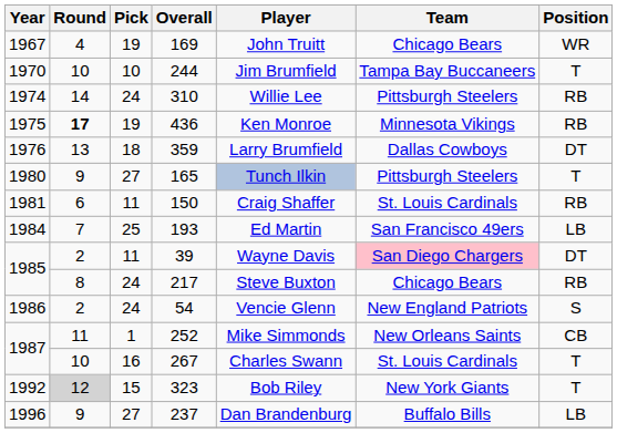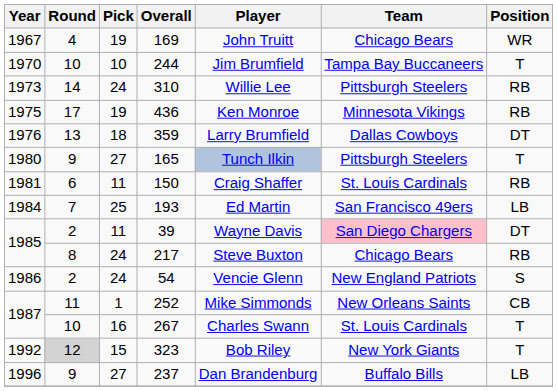 <table class="wikitable sortable" style="text-align: center;">
 <tr>
 <th>Year</th>
 <th>Round</th>
 <th>Pick</th>
 <th>Overall</th>
 <th>Player</th>
 <th>Team</th>
 <th>Position</th>
 </tr>
 <tr>
 <td>1967</td>
 <td>4</td>
 <td>19</td>
 <td>169</td>
 <td><a href='#'>John Truitt</a></td>
 <td><a href='#'>Chicago Bears</a></td>
 <td>WR</td>
 </tr>
 <tr>
 <td>1970</td>
 <td>10</td>
 <td>10</td>
 <td>244</td>
 <td><a href='#'>Jim Brumfield</a></td>
 <td><a href='#'>Tampa Bay Buccaneers</a></td>
 <td>T</td>
 </tr>
 <tr>
-<td>1974</td>
+<td>1973</td>
 <td>14</td>
 <td>24</td>
 <td>310</td>
 <td><a href='#'>Willie Lee</a></td>
 <td><a href='#'>Pittsburgh Steelers</a></td>
 <td>RB</td>
 </tr>
 <tr>
 <td>1975</td>
-<td><strong>17</strong></td>
+<td>17</td>
 <td>19</td>
 <td>436</td>
 <td><a href='#'>Ken Monroe</a></td>
 <td><a href='#'>Minnesota Vikings</a></td>
 <td>RB</td>
 </tr>
 <tr>
 <td>1976</td>
 <td>13</td>
 <td>18</td>
 <td>359</td>
 <td><a href='#'>Larry Brumfield</a></td>
 <td><a href='#'>Dallas Cowboys</a></td>
 <td>DT</td>
 </tr>
 <tr>
 <td>1980</td>
 <td>9</td>
 <td>27</td>
 <td>165</td>
 <td style="background-color:lightsteelblue"><a href='#'>Tunch Ilkin</a></td>
 <td><a href='#'>Pittsburgh Steelers</a></td>
 <td>T</td>
 </tr>
 <tr>
 <td>1981</td>
 <td>6</td>
 <td>11</td>
 <td>150</td>
 <td><a href='#'>Craig Shaffer</a></td>
 <td><a href='#'>St. Louis Cardinals</a></td>
 <td>RB</td>
 </tr>
 <tr>
 <td>1984</td>
 <td>7</td>
 <td>25</td>
 <td>193</td>
 <td><a href='#'>Ed Martin</a></td>
 <td><a href='#'>San Francisco 49ers</a></td>
 <td>LB</td>
 </tr>
 <tr>
 <td rowspan="2">1985</td>
 <td>2</td>
 <td>11</td>
 <td>39</td>
 <td><a href='#'>Wayne Davis</a></td>
 <td style="background: pink;"><a href='#'>San Diego Chargers</a></td>
 <td>DT</td>
 </tr>
 <tr>
 <td>8</td>
 <td>24</td>
 <td>217</td>
 <td><a href='#'>Steve Buxton</a></td>
 <td><a href='#'>Chicago Bears</a></td>
 <td>RB</td>
 </tr>
 <tr>
 <td>1986</td>
 <td>2</td>
 <td>24</td>
 <td>54</td>
 <td><a href='#'>Vencie Glenn</a></td>
 <td><a href='#'>New England Patriots</a></td>
 <td>S</td>
 </tr>
 <tr>
 <td rowspan="2">1987</td>
 <td>11</td>
 <td>1</td>
 <td>252</td>
 <td><a href='#'>Mike Simmonds</a></td>
 <td><a href='#'>New Orleans Saints</a></td>
 <td>CB</td>
 </tr>
 <tr>
 <td>10</td>
 <td>16</td>
 <td>267</td>
 <td><a href='#'>Charles Swann</a></td>
 <td><a href='#'>St. Louis Cardinals</a></td>
 <td>T</td>
 </tr>
 <tr>
 <td>1992</td>
 <td style="background: lightgrey;">12</td>
 <td>15</td>
 <td>323</td>
 <td><a href='#'>Bob Riley</a></td>
 <td><a href='#'>New York Giants</a></td>
 <td>T</td>
 </tr>
 <tr>
 <td>1996</td>
 <td>9</td>
 <td>27</td>
 <td>237</td>
 <td><a href='#'>Dan Brandenburg</a></td>
 <td><a href='#'>Buffalo Bills</a></td>
 <td>LB</td>
 </tr>
 <tr>
 </tr>
 </table>
